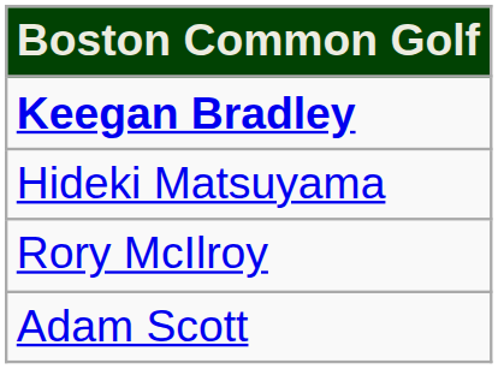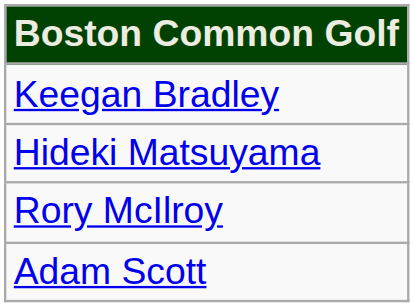 <table class="wikitable">
 <tr>
 <th Style="background:#014203;color:#EDECE1">Boston Common Golf</th>
 </tr>
 <tr>
-<td><strong> <a href='#'>Keegan Bradley</a></strong></td>
+<td> <a href='#'>Keegan Bradley</a></td>
 </tr>
 <tr>
 <td> <a href='#'>Hideki Matsuyama</a></td>
 </tr>
 <tr>
 <td> <a href='#'>Rory McIlroy</a></td>
 </tr>
 <tr>
 <td> <a href='#'>Adam Scott</a></td>
 </tr>
 </table>
